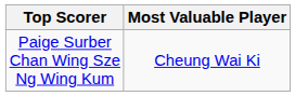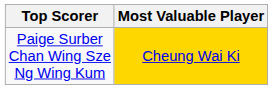 <table class="wikitable" style="margin: 0 auto;">
 <tr>
 <th>Top Scorer</th>
 <th>Most Valuable Player</th>
 </tr>
 <tr>
 <td align=center> <a href='#'>Paige Surber</a><br> <a href='#'>Chan Wing Sze</a><br> <a href='#'>Ng Wing Kum</a></td>
-<td align=center> <a href='#'>Cheung Wai Ki</a></td>
+<td align=center style="background: gold;"> <a href='#'>Cheung Wai Ki</a></td>
 </tr>
 </table>
